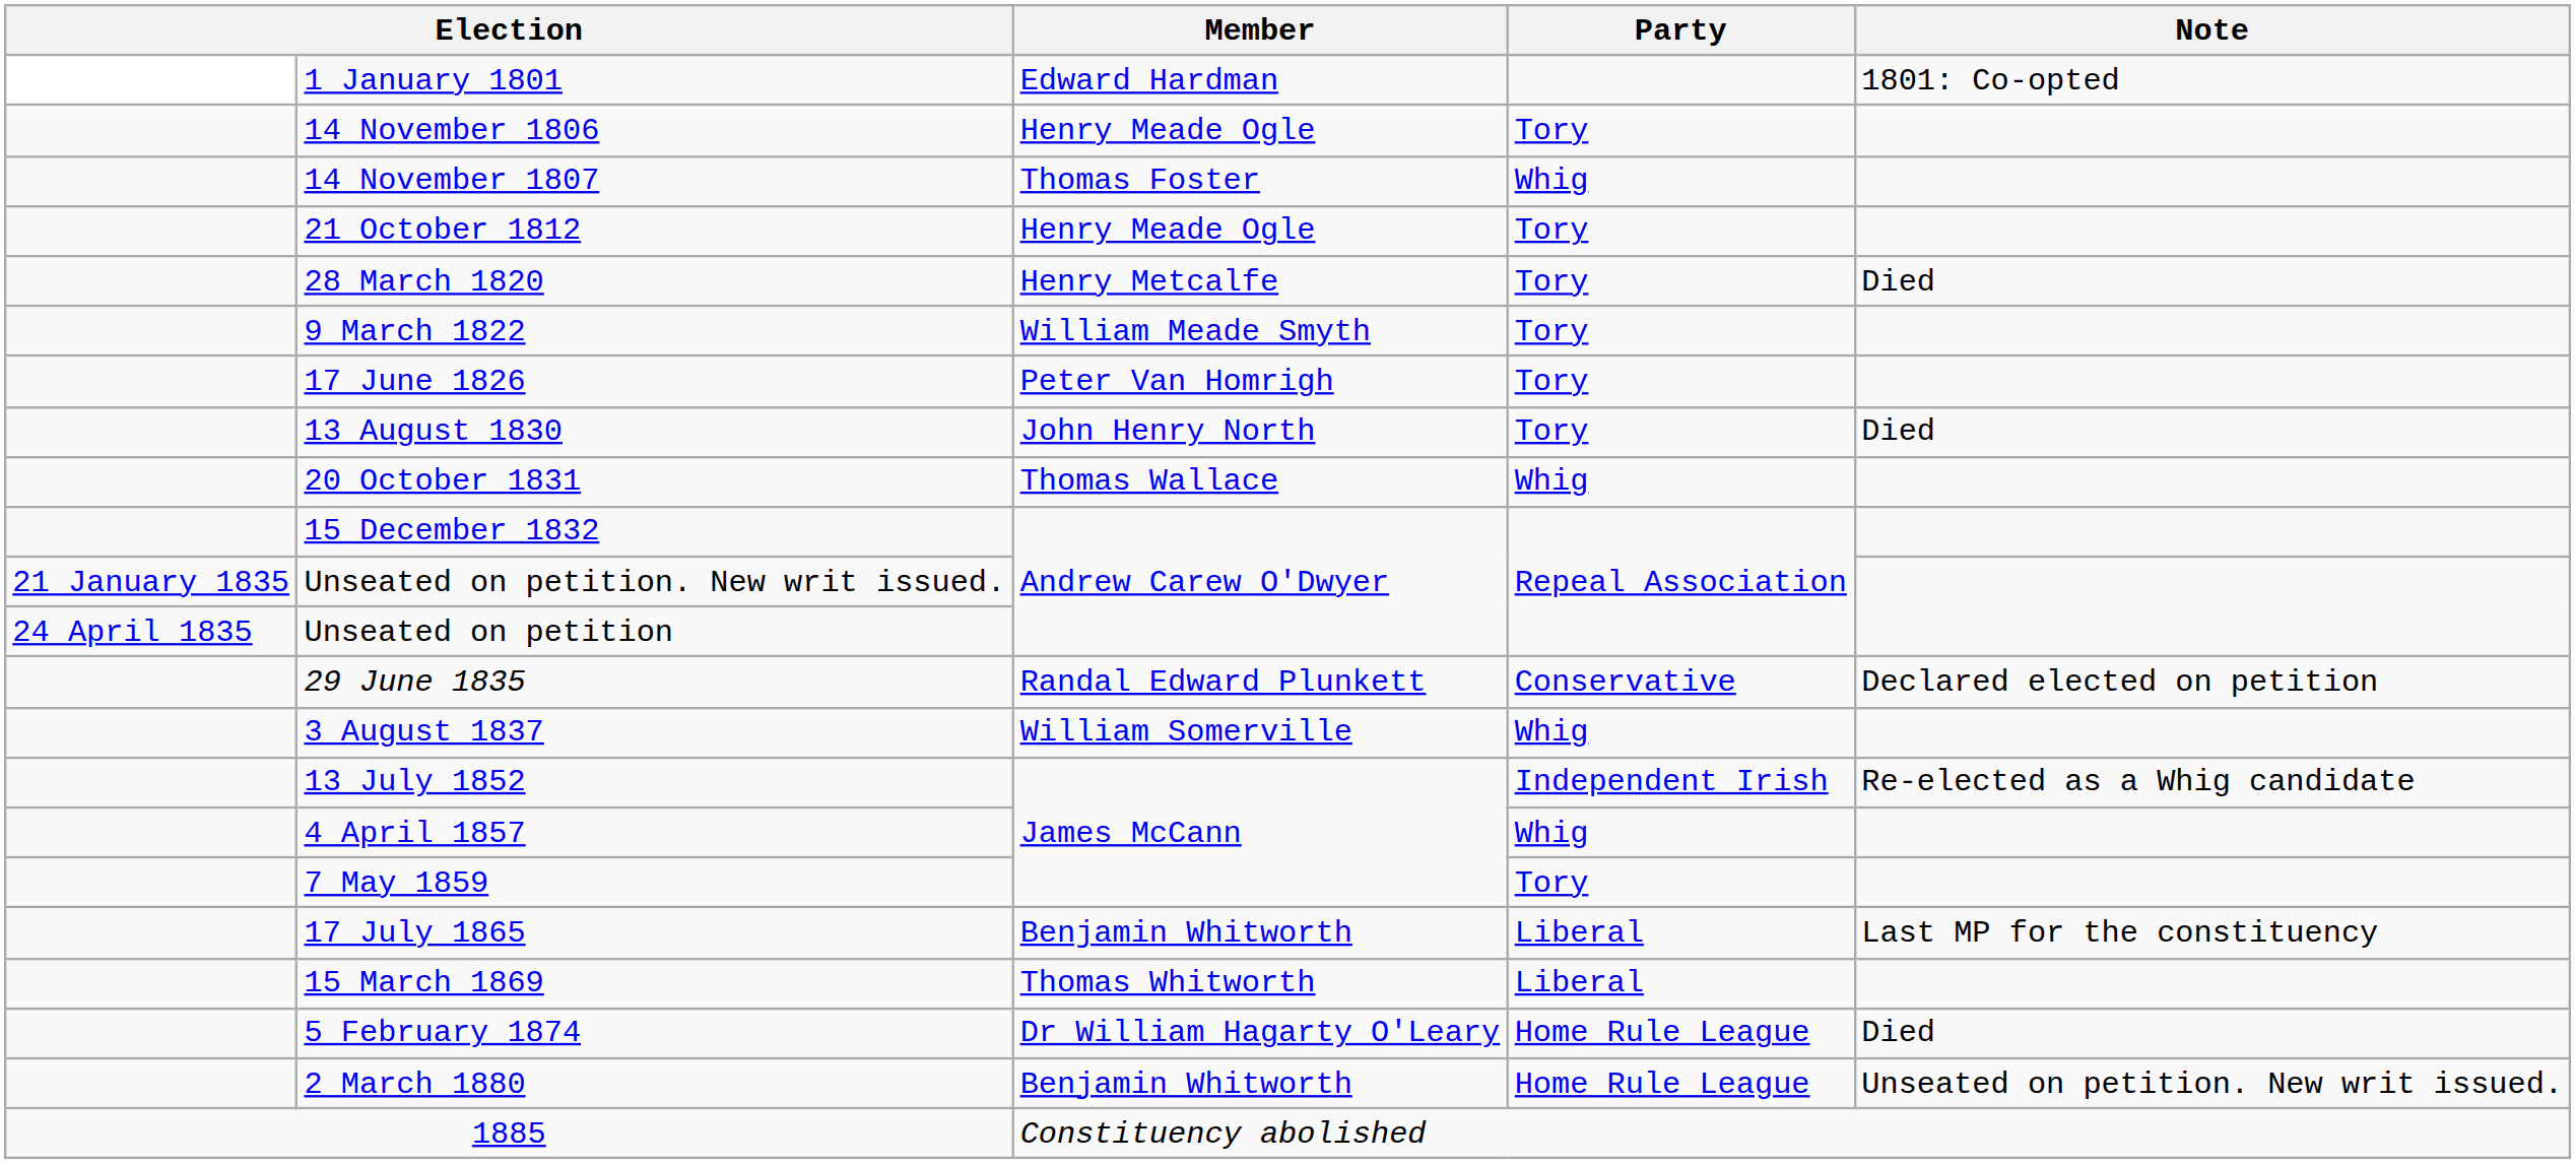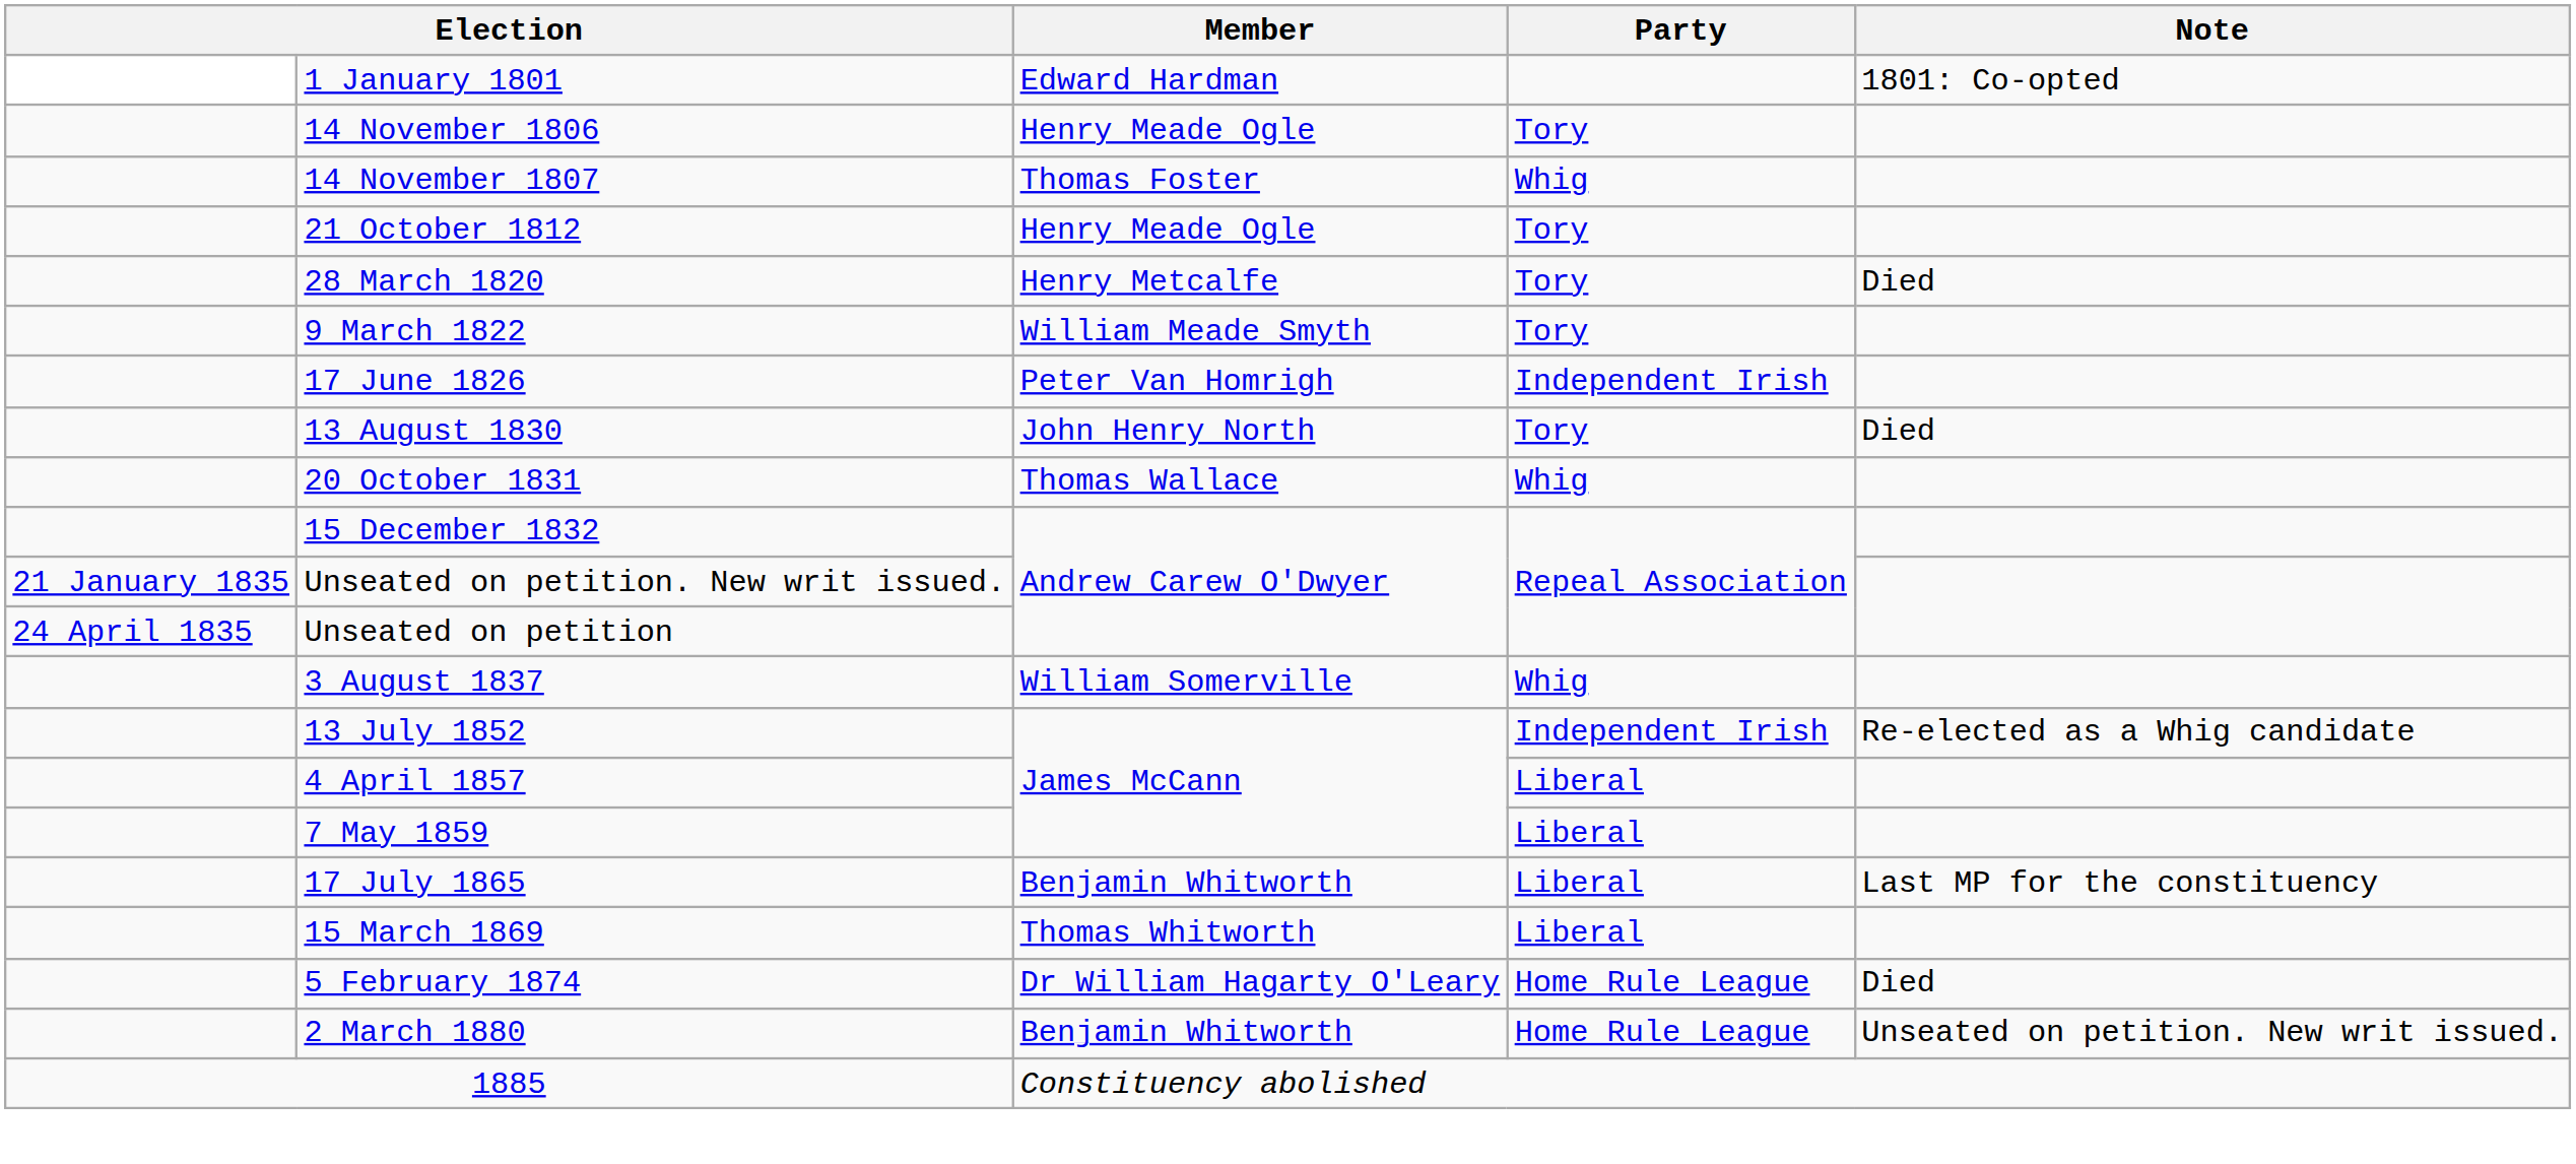 <table class="wikitable">
 <tr>
 <th colspan="2">Election</th>
 <th>Member</th>
 <th>Party</th>
 <th>Note</th>
 </tr>
 <tr>
 <td style="color:inherit;background-color: white"></td>
 <td><a href='#'>1 January 1801</a></td>
 <td><a href='#'>Edward Hardman</a></td>
 <td></td>
 <td>1801: Co-opted</td>
 </tr>
 <tr>
 <td style="color:inherit;background-color: "></td>
 <td><a href='#'>14 November 1806</a></td>
 <td><a href='#'>Henry Meade Ogle</a></td>
 <td><a href='#'>Tory</a></td>
 <td></td>
 </tr>
 <tr>
 <td style="color:inherit;background-color: "></td>
 <td><a href='#'>14 November 1807</a></td>
 <td><a href='#'>Thomas Foster</a></td>
 <td><a href='#'>Whig</a></td>
 <td></td>
 </tr>
 <tr>
 <td style="color:inherit;background-color: "></td>
 <td><a href='#'>21 October 1812</a></td>
 <td><a href='#'>Henry Meade Ogle</a></td>
 <td><a href='#'>Tory</a></td>
 <td></td>
 </tr>
 <tr>
 <td style="color:inherit;background-color: "></td>
 <td><a href='#'>28 March 1820</a></td>
 <td><a href='#'>Henry Metcalfe</a></td>
 <td><a href='#'>Tory</a></td>
 <td>Died</td>
 </tr>
 <tr>
 <td style="color:inherit;background-color: "></td>
 <td><a href='#'>9 March 1822</a></td>
 <td><a href='#'>William Meade Smyth</a></td>
 <td><a href='#'>Tory</a></td>
 <td></td>
 </tr>
 <tr>
 <td style="color:inherit;background-color: "></td>
 <td><a href='#'>17 June 1826</a></td>
 <td><a href='#'>Peter Van Homrigh</a></td>
-<td><a href='#'>Tory</a></td>
+<td><a href='#'>Independent Irish</a></td>
 <td></td>
 </tr>
 <tr>
 <td style="color:inherit;background-color: "></td>
 <td><a href='#'>13 August 1830</a></td>
 <td><a href='#'>John Henry North</a></td>
 <td><a href='#'>Tory</a></td>
 <td>Died</td>
 </tr>
 <tr>
 <td style="color:inherit;background-color: "></td>
 <td><a href='#'>20 October 1831</a></td>
 <td><a href='#'>Thomas Wallace</a></td>
 <td><a href='#'>Whig</a></td>
 <td></td>
 </tr>
 <tr>
 <td style="color:inherit;background-color: "></td>
 <td><a href='#'>15 December 1832</a></td>
 <td rowspan="3"><a href='#'>Andrew Carew O'Dwyer</a></td>
 <td rowspan="3"><a href='#'>Repeal Association</a></td>
 <td></td>
 </tr>
 <tr>
 <td><a href='#'>21 January 1835</a></td>
 <td>Unseated on petition. New writ issued.</td>
 </tr>
 <tr>
 <td><a href='#'>24 April 1835</a></td>
 <td>Unseated on petition</td>
 </tr>
 <tr>
 <td style="color:inherit;background-color: "></td>
-<td><em>29 June 1835</em></td>
-<td><a href='#'>Randal Edward Plunkett</a></td>
-<td><a href='#'>Conservative</a></td>
-<td>Declared elected on petition</td>
-</tr>
-<tr>
-<td style="color:inherit;background-color: "></td>
 <td><a href='#'>3 August 1837</a></td>
 <td><a href='#'>William Somerville</a></td>
 <td><a href='#'>Whig</a></td>
 <td></td>
 </tr>
 <tr>
 <td style="color:inherit;background-color: "></td>
 <td><a href='#'>13 July 1852</a></td>
 <td rowspan="3"><a href='#'>James McCann</a></td>
 <td><a href='#'>Independent Irish</a></td>
 <td>Re-elected as a Whig candidate</td>
 </tr>
 <tr>
 <td style="color:inherit;background-color: "></td>
 <td><a href='#'>4 April 1857</a></td>
-<td><a href='#'>Whig</a></td>
+<td><a href='#'>Liberal</a></td>
 <td></td>
 </tr>
 <tr>
 <td style="color:inherit;background-color: "></td>
 <td><a href='#'>7 May 1859</a></td>
-<td><a href='#'>Tory</a></td>
+<td><a href='#'>Liberal</a></td>
 <td></td>
 </tr>
 <tr>
 <td style="color:inherit;background-color: "></td>
 <td><a href='#'>17 July 1865</a></td>
 <td><a href='#'>Benjamin Whitworth</a></td>
 <td><a href='#'>Liberal</a></td>
 <td>Last MP for the constituency</td>
 </tr>
 <tr>
 <td style="color:inherit;background-color: "></td>
 <td><a href='#'>15 March 1869</a></td>
 <td><a href='#'>Thomas Whitworth</a></td>
 <td><a href='#'>Liberal</a></td>
 <td></td>
 </tr>
 <tr>
 <td style="color:inherit;background-color: "></td>
 <td><a href='#'>5 February 1874</a></td>
 <td><a href='#'>Dr William Hagarty O'Leary</a></td>
 <td><a href='#'>Home Rule League</a></td>
 <td>Died</td>
 </tr>
 <tr>
 <td style="color:inherit;background-color: "></td>
 <td><a href='#'>2 March 1880</a></td>
 <td><a href='#'>Benjamin Whitworth</a></td>
 <td><a href='#'>Home Rule League</a></td>
 <td>Unseated on petition. New writ issued.</td>
 </tr>
 <tr>
 <td colspan="2" align="center"><a href='#'>1885</a></td>
 <td colspan="3"><em>Constituency abolished</em></td>
 </tr>
 </table>
